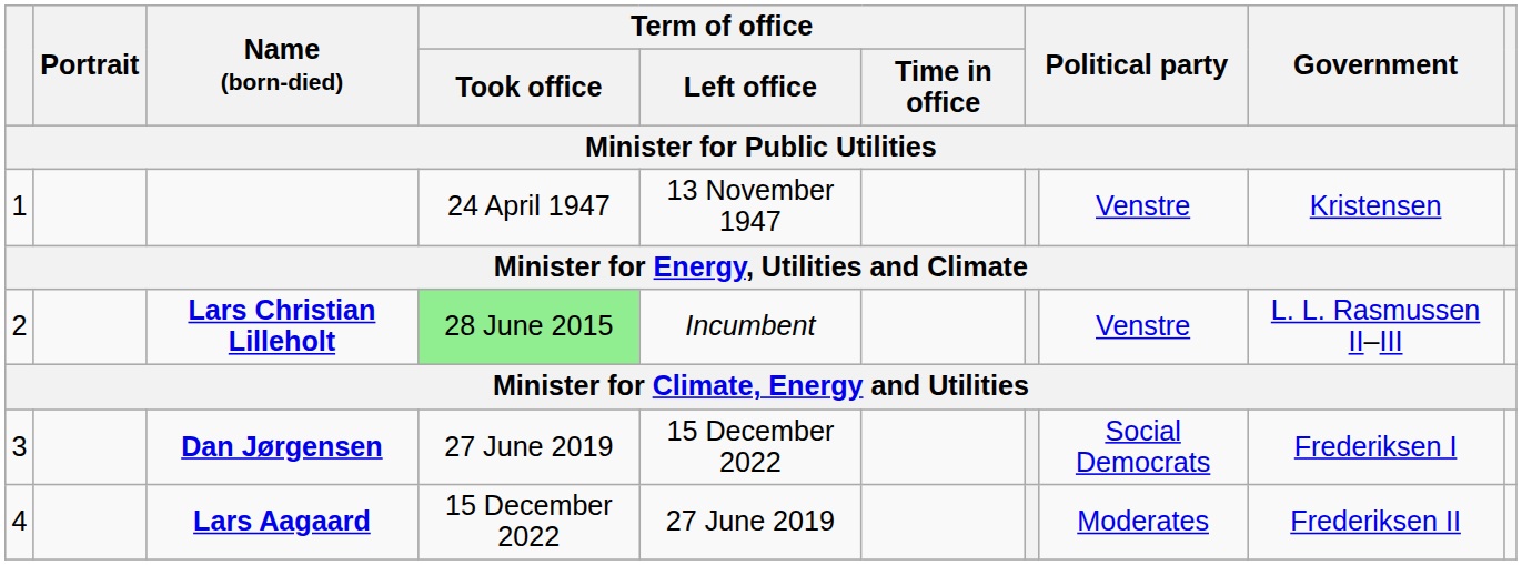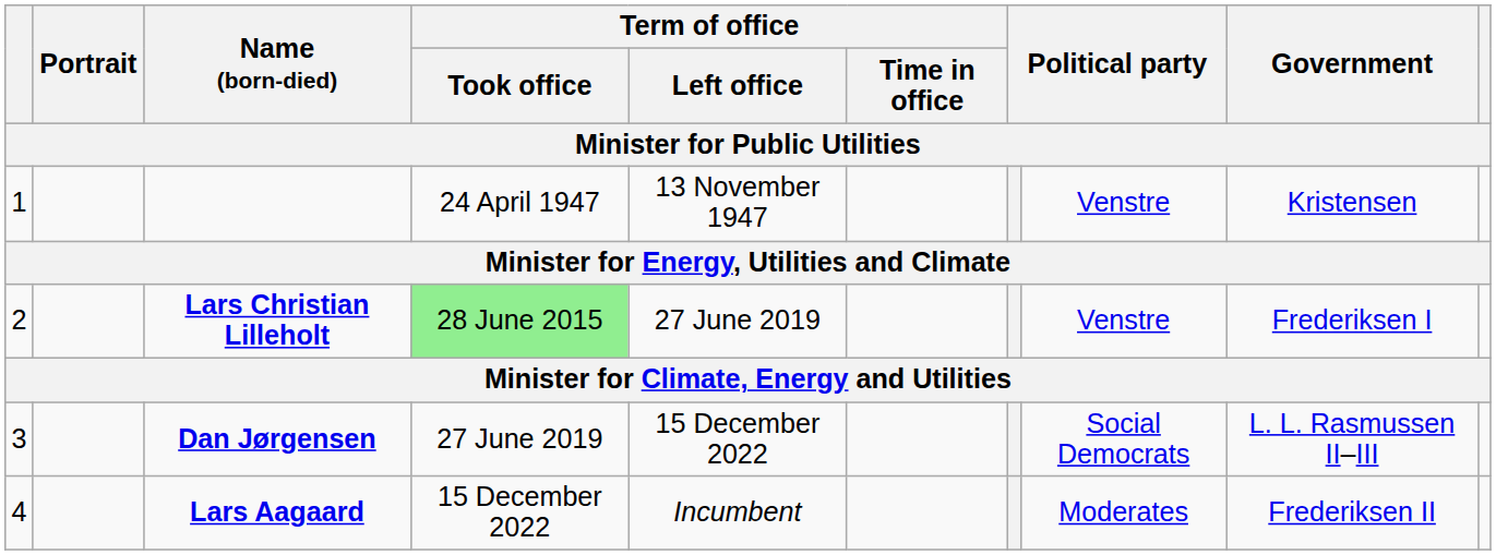 <table class="wikitable" style="text-align:center;">
 <tr>
 <th rowspan=2></th>
 <th rowspan=2>Portrait</th>
 <th rowspan=2>Name<br><small>(born-died)</small></th>
 <th colspan=3>Term of office</th>
 <th colspan=2 rowspan=2>Political party</th>
 <th rowspan=2>Government</th>
 <th rowspan=2></th>
 </tr>
 <tr>
 <th>Took office</th>
 <th>Left office</th>
 <th>Time in office</th>
 </tr>
 <tr style="text-align:center;">
 <th colspan=10>Minister for Public Utilities<br></th>
 </tr>
 <tr>
 <td>1</td>
 <td></td>
 <td><strong></strong><br></td>
 <td>24 April 1947</td>
 <td>13 November 1947</td>
 <td></td>
 <th style="background:"></th>
 <td><a href='#'>Venstre</a></td>
 <td><a href='#'>Kristensen</a></td>
 <td></td>
 </tr>
 <tr style="text-align:center;">
 <th colspan=10>Minister for <a href='#'>Energy</a>, Utilities and Climate<br></th>
 </tr>
 <tr>
 <td>2</td>
 <td></td>
 <td><strong><a href='#'>Lars Christian Lilleholt</a></strong><br></td>
 <td style="background: lightgreen;">28 June 2015</td>
-<td><em>Incumbent</em></td>
+<td>27 June 2019</td>
 <td></td>
 <th style="background:"></th>
 <td><a href='#'>Venstre</a></td>
-<td><a href='#'>L. L. Rasmussen II</a>–<a href='#'>III</a></td>
+<td><a href='#'>Frederiksen I</a></td>
 <td></td>
 </tr>
 <tr style="text-align:center;">
 <th colspan=10>Minister for <a href='#'>Climate, Energy</a> and Utilities<br></th>
 </tr>
 <tr>
 <td>3</td>
 <td></td>
 <td><strong><a href='#'>Dan Jørgensen</a></strong><br></td>
 <td>27 June 2019</td>
 <td>15 December 2022</td>
 <td></td>
 <th style="background:"></th>
 <td><a href='#'>Social Democrats</a></td>
-<td><a href='#'>Frederiksen I</a></td>
+<td><a href='#'>L. L. Rasmussen II</a>–<a href='#'>III</a></td>
 <td></td>
 </tr>
 <tr>
 <td>4</td>
 <td></td>
 <td><strong><a href='#'>Lars Aagaard</a></strong><br></td>
 <td>15 December 2022</td>
-<td>27 June 2019</td>
+<td><em>Incumbent</em></td>
 <td></td>
 <th style="background:"></th>
 <td><a href='#'>Moderates</a></td>
 <td><a href='#'>Frederiksen II</a></td>
 <td></td>
 </tr>
 </table>
